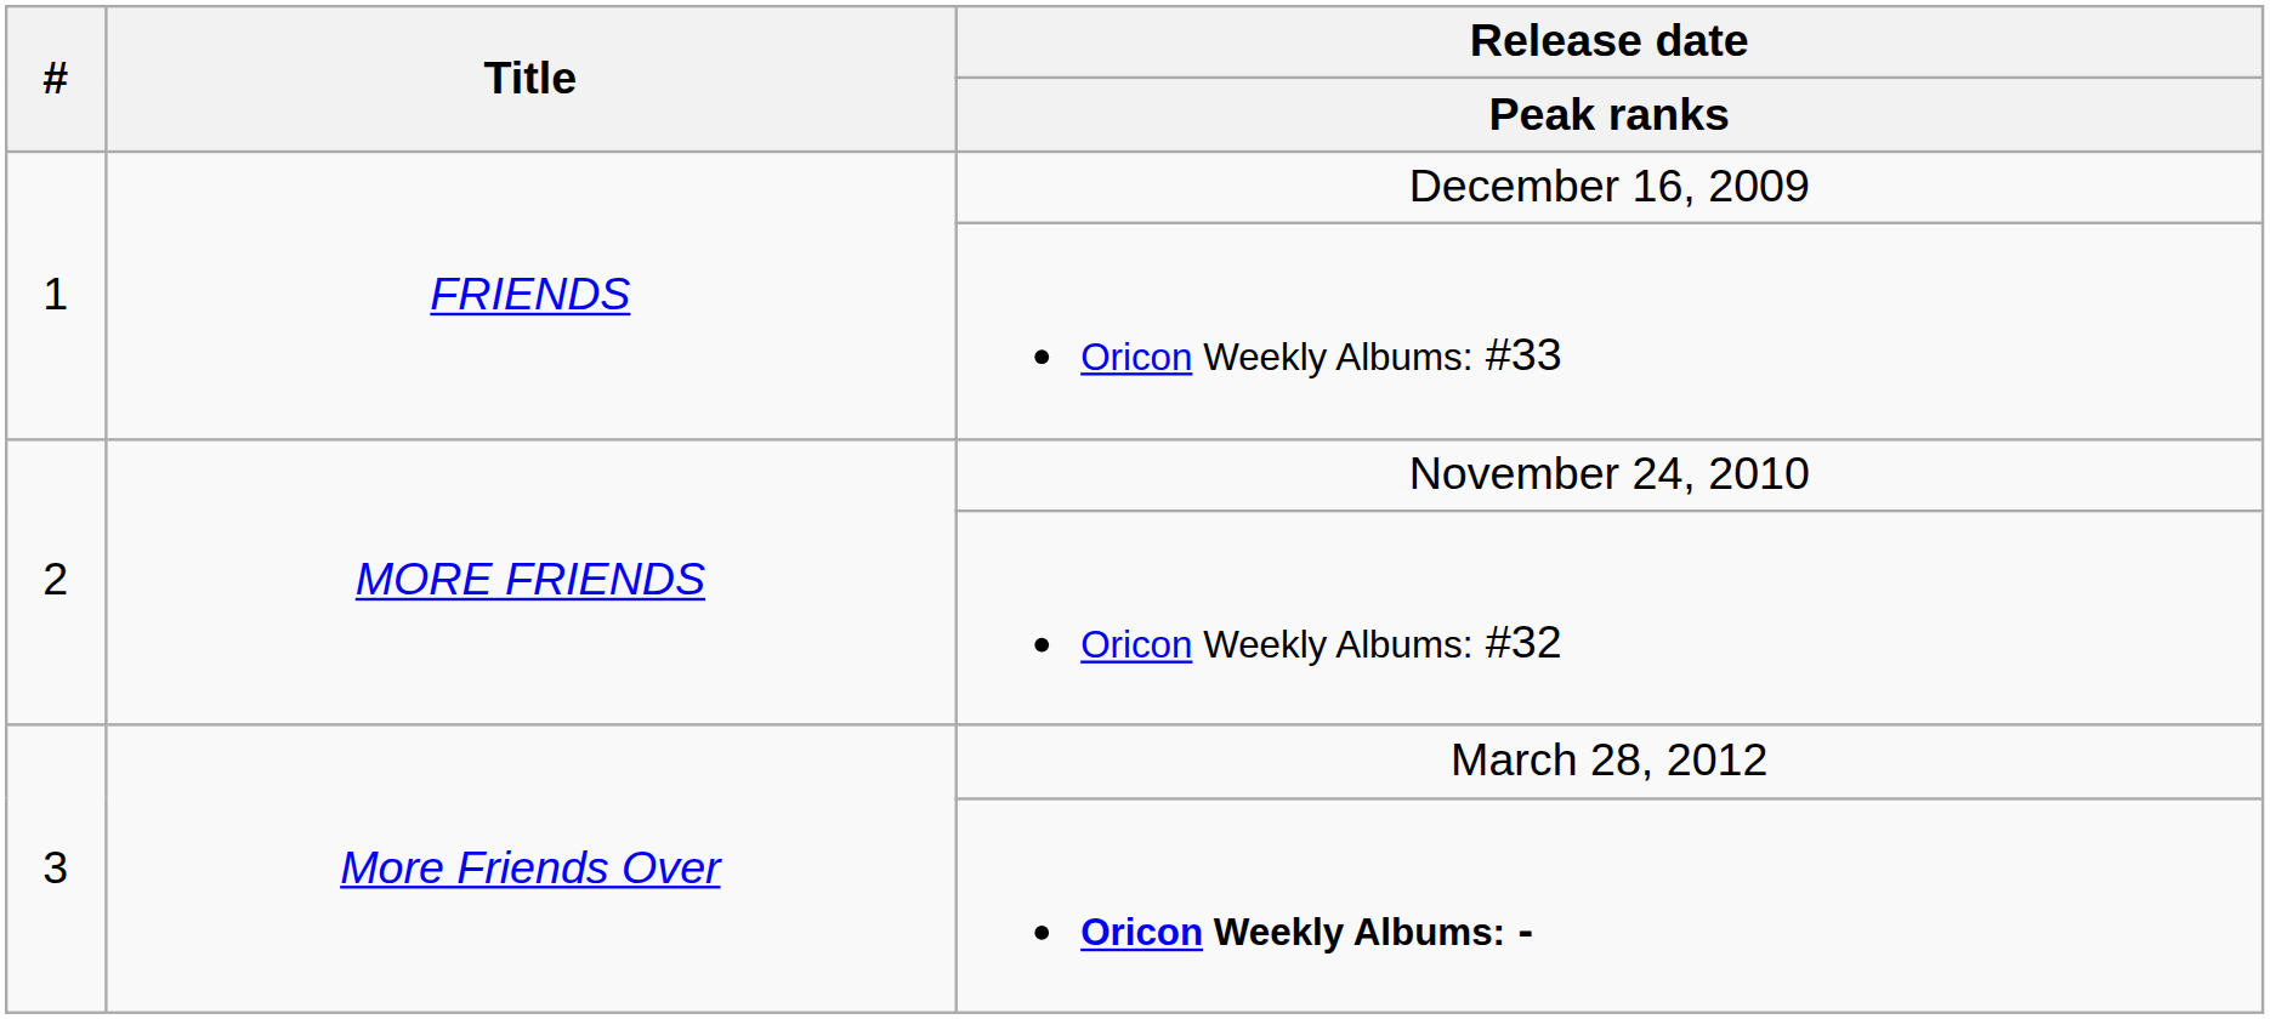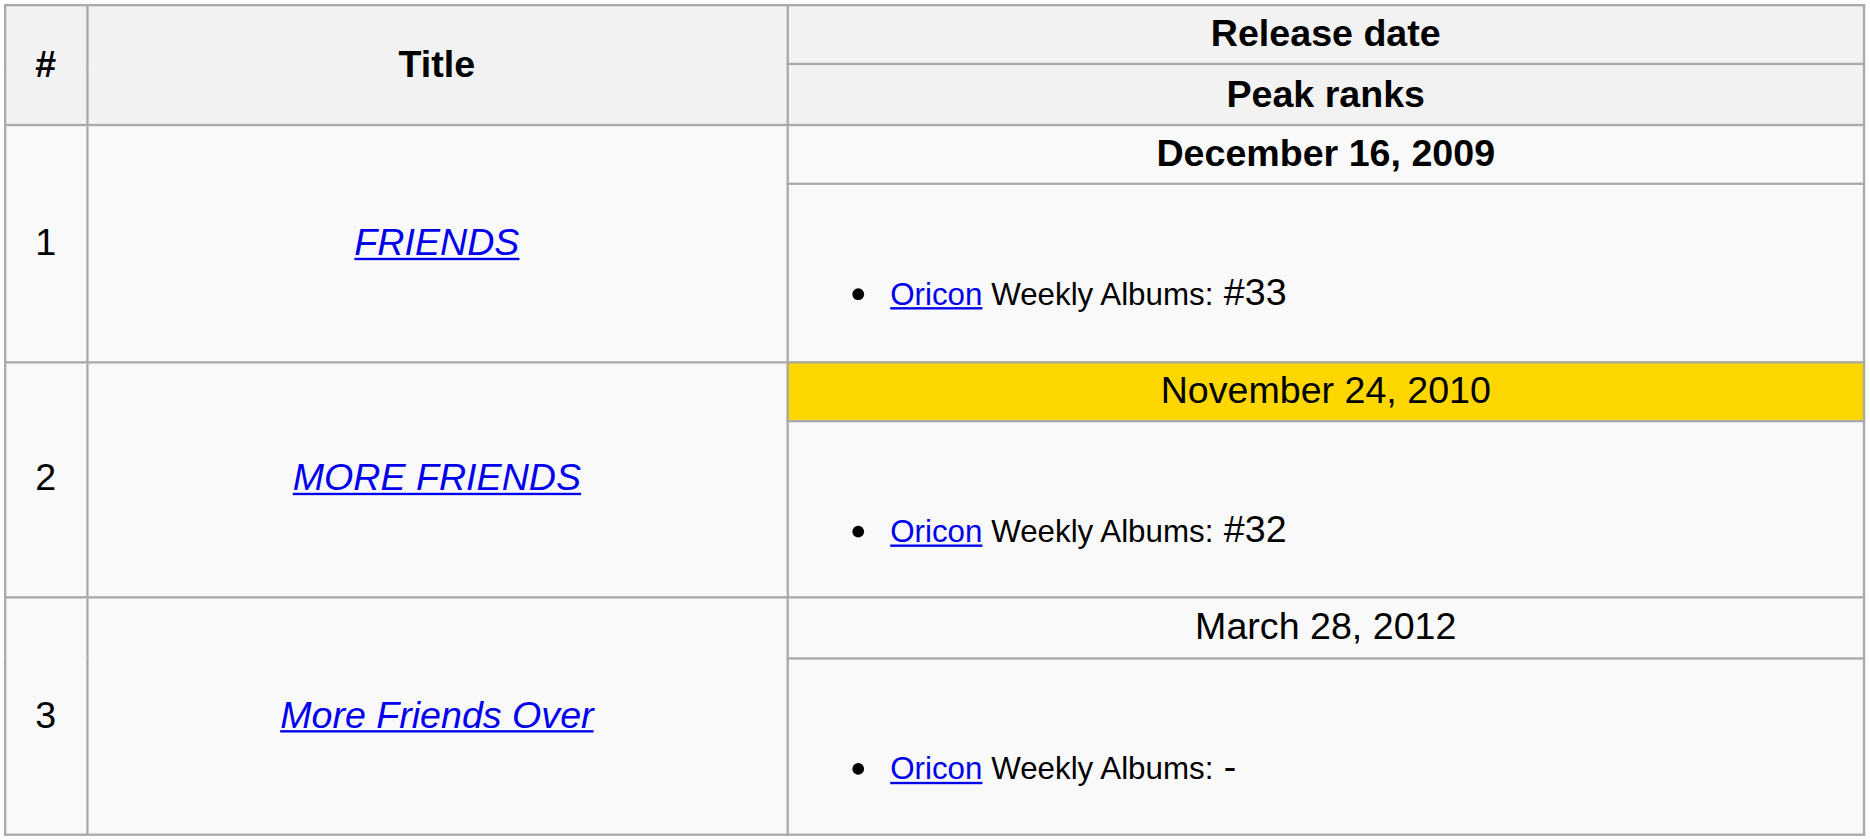 <table class="wikitable" style="text-align:center" width=50%>
 <tr>
 <th rowspan=2>#</th>
 <th rowspan=2>Title</th>
 <th>Release date</th>
 </tr>
 <tr>
 <th>Peak ranks</th>
 </tr>
 <tr>
 <td rowspan=2>1</td>
 <td rowspan=2><em><a href='#'>FRIENDS</a></em></td>
-<td>December 16, 2009</td>
+<td><strong>December 16, 2009</strong></td>
 </tr>
 <tr>
 <td align="left"><br><ul><li><small><a href='#'>Oricon</a> Weekly Albums:</small> #33</li></ul></td>
 </tr>
 <tr>
 <td rowspan=2>2</td>
 <td rowspan=2><em><a href='#'>MORE FRIENDS</a></em></td>
-<td>November 24, 2010</td>
+<td style="background: gold;">November 24, 2010</td>
 </tr>
 <tr>
 <td align="left"><br><ul><li><small><a href='#'>Oricon</a> Weekly Albums:</small> #32</li></ul></td>
 </tr>
 <tr>
 <td rowspan=2>3</td>
 <td rowspan=2><em><a href='#'>More Friends Over</a></em></td>
 <td>March 28, 2012</td>
 </tr>
 <tr>
-<td align="left"><strong><br><ul><li><small><a href='#'>Oricon</a> Weekly Albums:</small> -</li></ul></strong></td>
+<td align="left"><br><ul><li><small><a href='#'>Oricon</a> Weekly Albums:</small> -</li></ul></td>
 </tr>
 </table>
